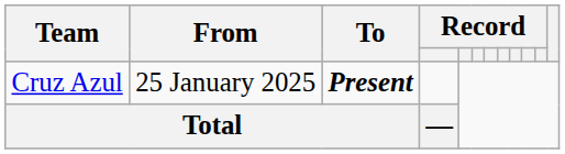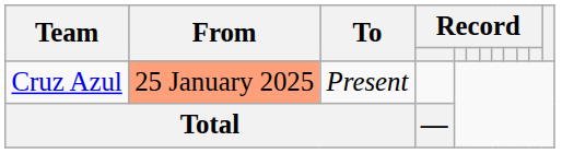 <table class=wikitable style="text-align: center;">
 <tr>
 <th rowspan=2>Team</th>
 <th rowspan=2>From</th>
 <th rowspan=2>To</th>
 <th colspan=8>Record</th>
 <th rowspan=2></th>
 </tr>
 <tr>
 <th></th>
 <th></th>
 <th></th>
 <th></th>
 <th></th>
 <th></th>
 <th></th>
 <th></th>
 </tr>
 <tr>
 <td align=left><a href='#'>Cruz Azul</a></td>
-<td align=left>25 January 2025</td>
-<td align=left><strong><em>Present</em><br></strong></td>
+<td align=left style="background: lightsalmon;">25 January 2025</td>
+<td align=left><em>Present</em><br></td>
 <td></td>
 </tr>
 <tr>
 <th colspan=3>Total<br></th>
 <th>—</th>
 </tr>
 </table>
